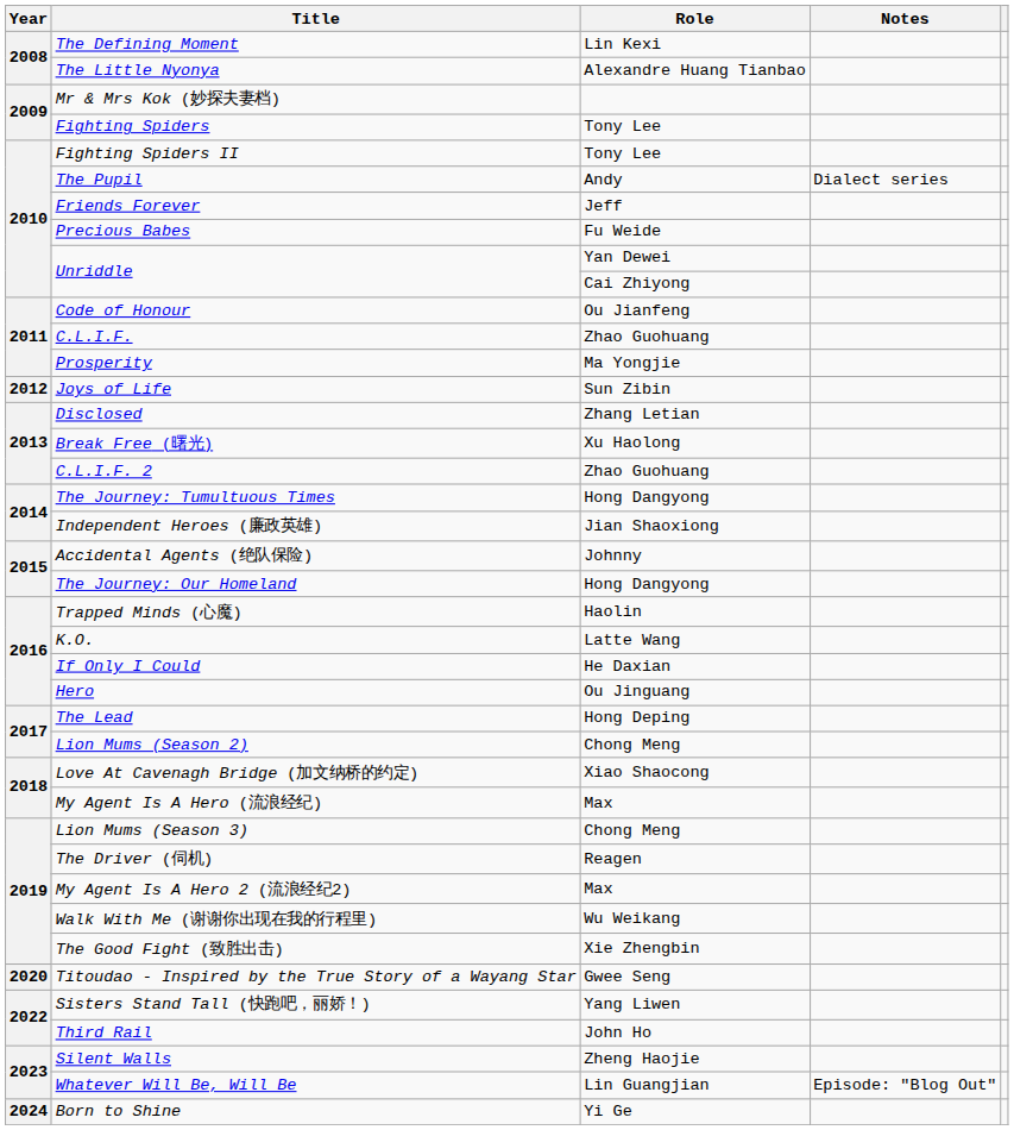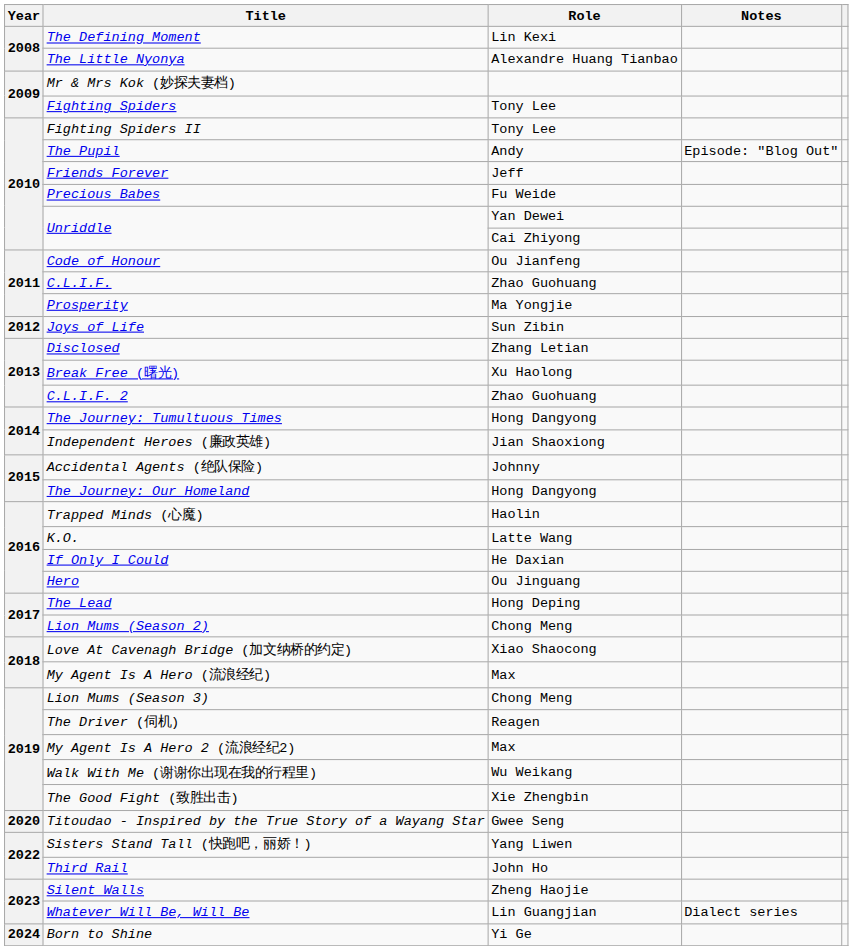 <table class="wikitable sortable plainrowheaders">
 <tr>
 <th scope="col">Year</th>
 <th scope="col">Title</th>
 <th scope="col">Role</th>
 <th scope="col" class="unsortable">Notes</th>
 <th scope="col" class="unsortable"></th>
 </tr>
 <tr>
 <th scope="row" rowspan="2">2008</th>
 <td><em><a href='#'>The Defining Moment</a></em></td>
 <td>Lin Kexi</td>
 <td></td>
 <td></td>
 </tr>
 <tr>
 <td><em><a href='#'>The Little Nyonya</a></em></td>
 <td>Alexandre Huang Tianbao</td>
 <td></td>
 <td></td>
 </tr>
 <tr>
 <th scope="row" rowspan="2">2009</th>
 <td><em>Mr & Mrs Kok</em> (妙探夫妻档)</td>
 <td></td>
 <td></td>
 <td></td>
 </tr>
 <tr>
 <td><em><a href='#'>Fighting Spiders</a></em></td>
 <td>Tony Lee</td>
 <td></td>
 <td></td>
 </tr>
 <tr>
 <th scope="row" rowspan="6">2010</th>
 <td><em>Fighting Spiders II</em></td>
 <td>Tony Lee</td>
 <td></td>
 <td></td>
 </tr>
 <tr>
 <td><em><a href='#'>The Pupil</a></em></td>
 <td>Andy</td>
-<td>Dialect series</td>
+<td>Episode: "Blog Out"</td>
 <td></td>
 </tr>
 <tr>
 <td><em><a href='#'>Friends Forever</a></em></td>
 <td>Jeff</td>
 <td></td>
 <td></td>
 </tr>
 <tr>
 <td><em><a href='#'>Precious Babes</a></em></td>
 <td>Fu Weide</td>
 <td></td>
 <td></td>
 </tr>
 <tr>
 <td rowspan="2"><em><a href='#'>Unriddle</a></em></td>
 <td>Yan Dewei</td>
 <td></td>
 <td></td>
 </tr>
 <tr>
 <td>Cai Zhiyong</td>
 <td></td>
 <td></td>
 </tr>
 <tr>
 <th scope="row" rowspan="3">2011</th>
 <td><em><a href='#'>Code of Honour</a></em></td>
 <td>Ou Jianfeng</td>
 <td></td>
 <td></td>
 </tr>
 <tr>
 <td><em><a href='#'>C.L.I.F.</a></em></td>
 <td>Zhao Guohuang</td>
 <td></td>
 <td></td>
 </tr>
 <tr>
 <td><em><a href='#'>Prosperity</a></em></td>
 <td>Ma Yongjie</td>
 <td></td>
 <td></td>
 </tr>
 <tr>
 <th scope="row" rowspan="1">2012</th>
 <td><em><a href='#'>Joys of Life</a></em></td>
 <td>Sun Zibin</td>
 <td></td>
 <td></td>
 </tr>
 <tr>
 <th scope="row" rowspan="3">2013</th>
 <td><em><a href='#'>Disclosed</a></em></td>
 <td>Zhang Letian</td>
 <td></td>
 <td></td>
 </tr>
 <tr>
 <td><a href='#'><em>Break Free</em> (曙光)</a></td>
 <td>Xu Haolong</td>
 <td></td>
 <td></td>
 </tr>
 <tr>
 <td><em><a href='#'>C.L.I.F. 2</a></em></td>
 <td>Zhao Guohuang</td>
 <td></td>
 <td></td>
 </tr>
 <tr>
 <th scope="row" rowspan="2">2014</th>
 <td><em><a href='#'>The Journey: Tumultuous Times</a></em></td>
 <td>Hong Dangyong</td>
 <td></td>
 <td></td>
 </tr>
 <tr>
 <td><em>Independent Heroes</em> (廉政英雄)</td>
 <td>Jian Shaoxiong</td>
 <td></td>
 <td></td>
 </tr>
 <tr>
 <th scope="row" rowspan="2">2015</th>
 <td><em>Accidental Agents</em> (绝队保险)</td>
 <td>Johnny</td>
 <td></td>
 <td></td>
 </tr>
 <tr>
 <td><em><a href='#'>The Journey: Our Homeland</a></em></td>
 <td>Hong Dangyong</td>
 <td></td>
 <td></td>
 </tr>
 <tr>
 <th scope="row" rowspan="4">2016</th>
 <td><em>Trapped Minds</em> (心魔)</td>
 <td>Haolin</td>
 <td></td>
 <td></td>
 </tr>
 <tr>
 <td><em>K.O.</em></td>
 <td>Latte Wang</td>
 <td></td>
 <td></td>
 </tr>
 <tr>
 <td><em><a href='#'>If Only I Could</a></em></td>
 <td>He Daxian</td>
 <td></td>
 <td></td>
 </tr>
 <tr>
 <td><em><a href='#'>Hero</a></em></td>
 <td>Ou Jinguang</td>
 <td></td>
 <td></td>
 </tr>
 <tr>
 <th scope="row" rowspan="2">2017</th>
 <td><em><a href='#'>The Lead</a></em></td>
 <td>Hong Deping</td>
 <td></td>
 <td></td>
 </tr>
 <tr>
 <td><em><a href='#'>Lion Mums (Season 2)</a></em></td>
 <td>Chong Meng</td>
 <td></td>
 <td></td>
 </tr>
 <tr>
 <th scope="row" rowspan="2">2018</th>
 <td><em>Love At Cavenagh Bridge</em> (加文纳桥的约定)</td>
 <td>Xiao Shaocong</td>
 <td></td>
 <td></td>
 </tr>
 <tr>
 <td><em>My Agent Is A Hero</em> (流浪经纪)</td>
 <td>Max</td>
 <td></td>
 <td></td>
 </tr>
 <tr>
 <th scope="row" rowspan="5">2019</th>
 <td><em>Lion Mums (Season 3)</em></td>
 <td>Chong Meng</td>
 <td></td>
 <td></td>
 </tr>
 <tr>
 <td><em>The Driver </em> (伺机)</td>
 <td>Reagen</td>
 <td></td>
 <td></td>
 </tr>
 <tr>
 <td><em>My Agent Is A Hero 2</em> (流浪经纪2)</td>
 <td>Max</td>
 <td></td>
 <td></td>
 </tr>
 <tr>
 <td><em>Walk With Me</em> (谢谢你出现在我的行程里)</td>
 <td>Wu Weikang</td>
 <td></td>
 <td></td>
 </tr>
 <tr>
 <td><em>The Good Fight</em> (致胜出击)</td>
 <td>Xie Zhengbin</td>
 <td></td>
 <td></td>
 </tr>
 <tr>
 <th scope="row">2020</th>
 <td><em>Titoudao - Inspired by the True Story of a Wayang Star</em></td>
 <td>Gwee Seng</td>
 <td></td>
 <td></td>
 </tr>
 <tr>
 <th scope="row" rowspan="2">2022</th>
 <td><em>Sisters Stand Tall</em> (快跑吧，丽娇！)</td>
 <td>Yang Liwen</td>
 <td></td>
 <td></td>
 </tr>
 <tr>
 <td><a href='#'><em>Third Rail</em></a></td>
 <td>John Ho</td>
 <td></td>
 <td></td>
 </tr>
 <tr>
 <th scope="row" rowspan="2">2023</th>
 <td><em><a href='#'>Silent Walls</a></em></td>
 <td>Zheng Haojie</td>
 <td></td>
 <td></td>
 </tr>
 <tr>
 <td><em><a href='#'>Whatever Will Be, Will Be</a></em></td>
 <td>Lin Guangjian</td>
-<td>Episode: "Blog Out"</td>
+<td>Dialect series</td>
 <td></td>
 </tr>
 <tr>
 <th scope="row" rowspan="1">2024</th>
 <td><em>Born to Shine</em></td>
 <td>Yi Ge</td>
 <td></td>
 <td></td>
 </tr>
 </table>
